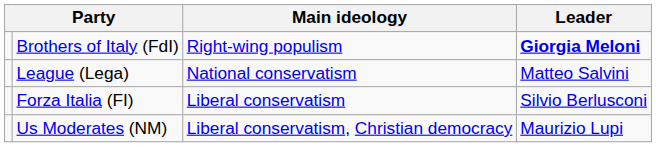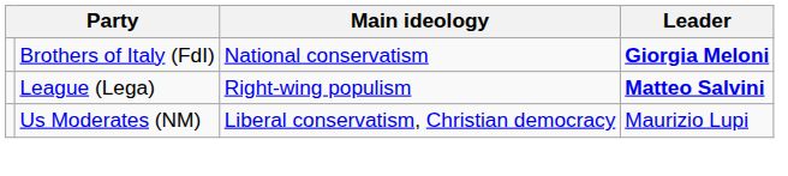 <table class=wikitable style=text-align:left>
 <tr>
 <th colspan=2>Party</th>
 <th>Main ideology</th>
 <th>Leader</th>
 </tr>
 <tr>
 <td></td>
 <td><a href='#'>Brothers of Italy</a> (FdI)</td>
-<td><a href='#'>Right-wing populism</a></td>
+<td><a href='#'>National conservatism</a></td>
 <td><strong><a href='#'>Giorgia Meloni</a></strong></td>
 </tr>
 <tr>
 <td></td>
 <td><a href='#'>League</a> (Lega)</td>
-<td><a href='#'>National conservatism</a></td>
-<td><a href='#'>Matteo Salvini</a></td>
-</tr>
-<tr>
-<td></td>
-<td><a href='#'>Forza Italia</a> (FI)</td>
-<td><a href='#'>Liberal conservatism</a></td>
-<td><a href='#'>Silvio Berlusconi</a></td>
+<td><a href='#'>Right-wing populism</a></td>
+<td><strong><a href='#'>Matteo Salvini</a></strong></td>
 </tr>
 <tr>
 <td></td>
 <td><a href='#'>Us Moderates</a> (NM)</td>
 <td><a href='#'>Liberal conservatism</a>, <a href='#'>Christian democracy</a></td>
 <td><a href='#'>Maurizio Lupi</a></td>
 </tr>
 </table>
